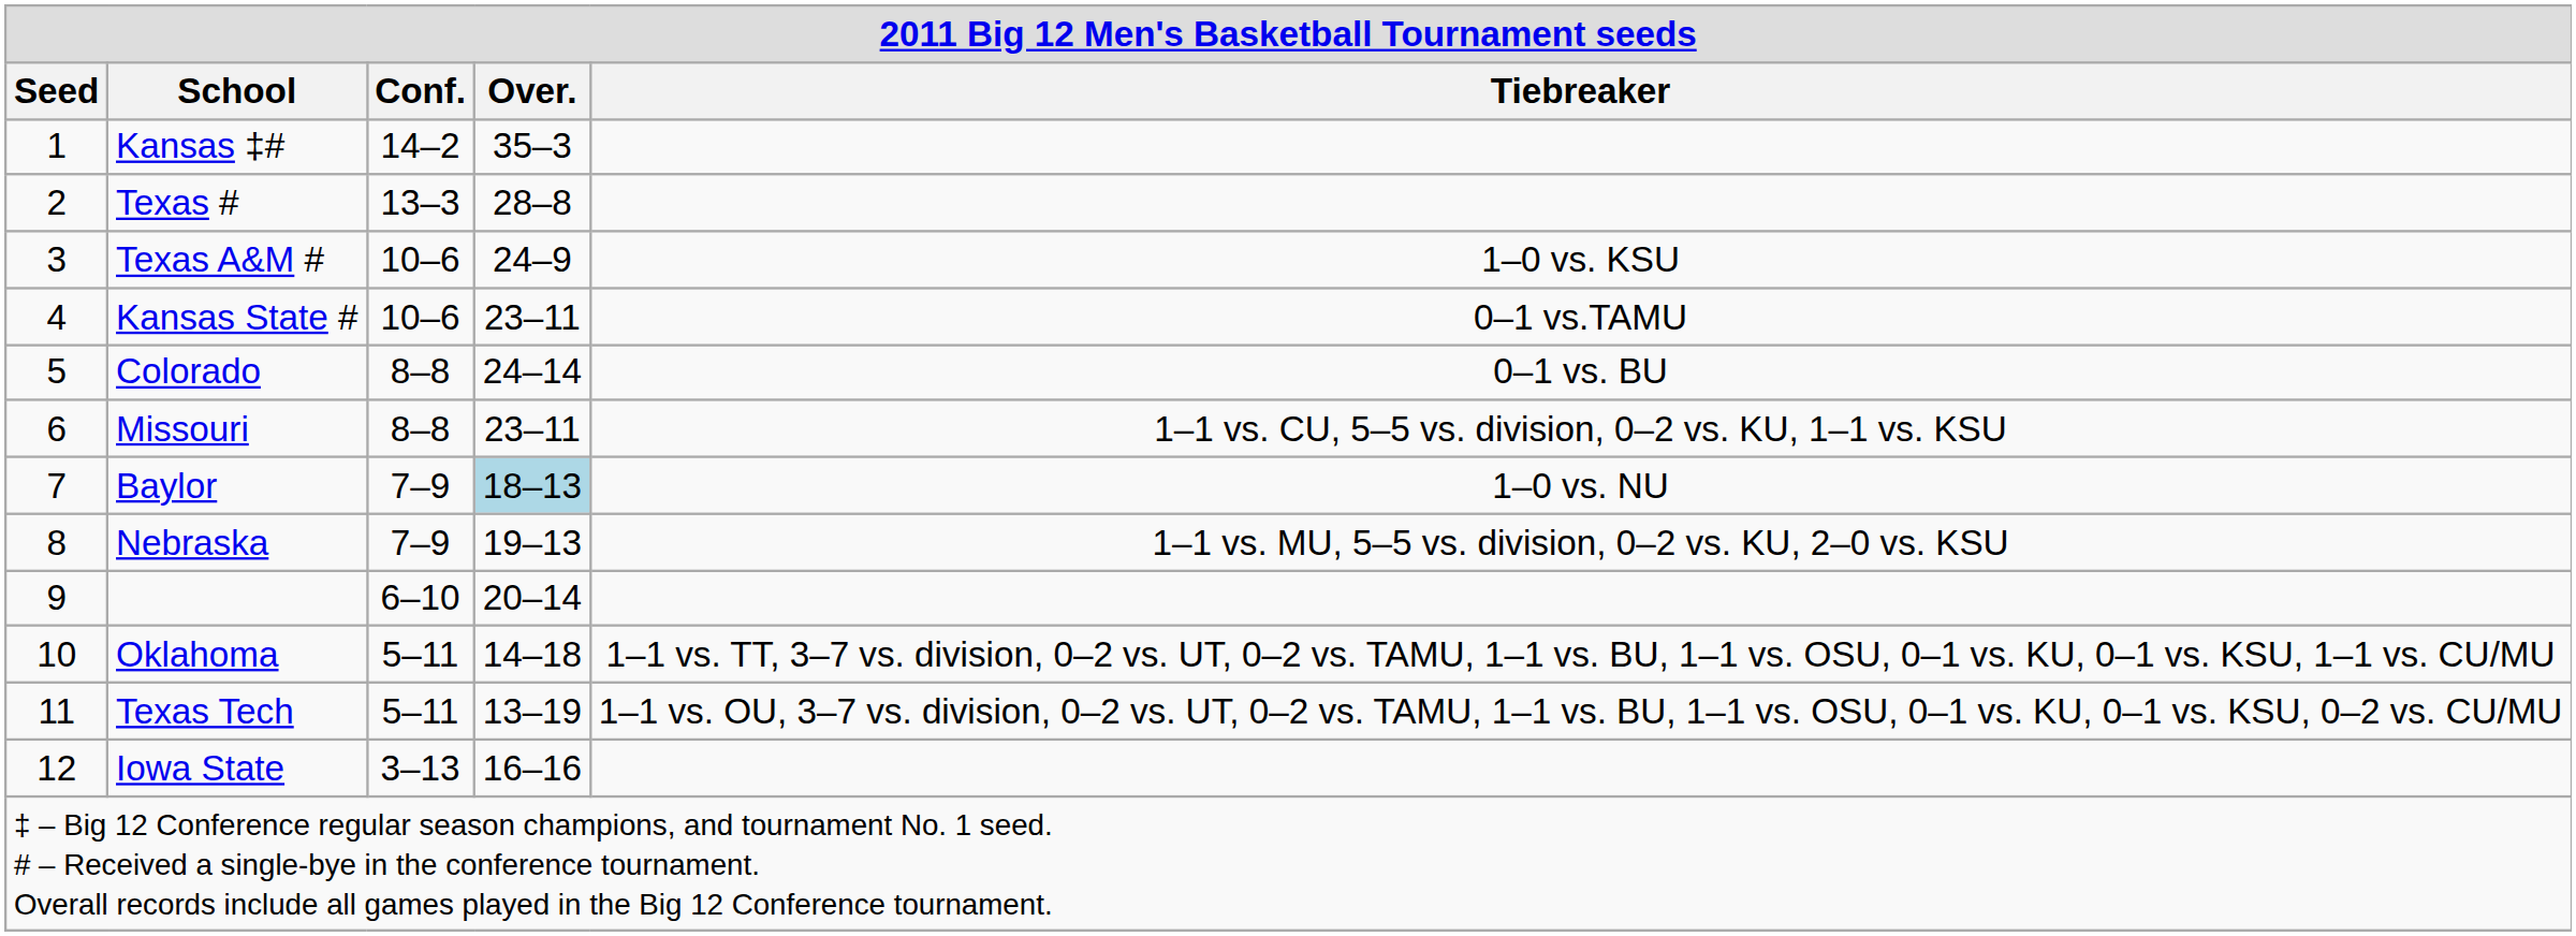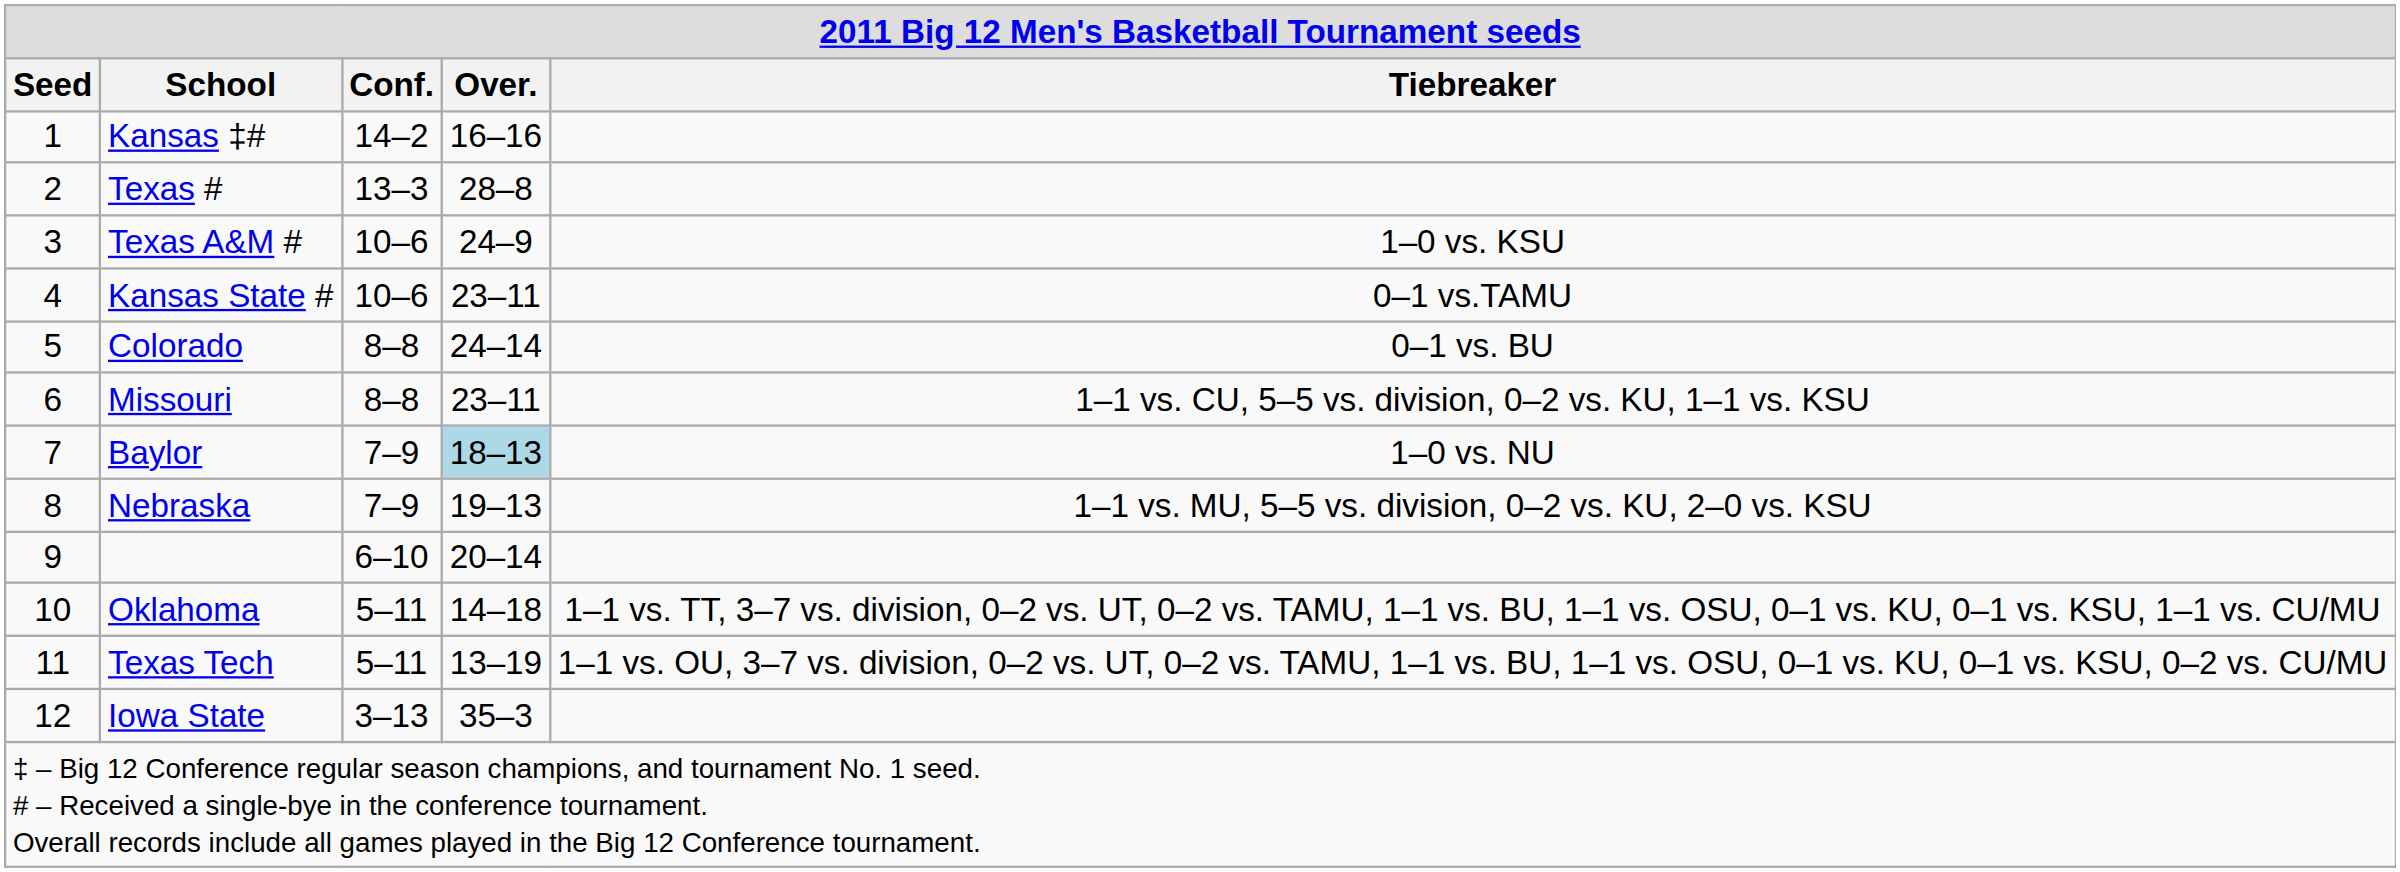 <table class="wikitable" style="white-space:nowrap; font-size:90%;text-align:center">
 <tr>
 <td colspan="10" style="text-align:center; background:#DDDDDD; font:#000000"><strong><a href='#'>2011 Big 12 Men's Basketball Tournament seeds</a></strong></td>
 </tr>
 <tr bgcolor="#efefef">
 <th>Seed</th>
 <th>School</th>
 <th>Conf.</th>
 <th>Over.</th>
 <th>Tiebreaker</th>
 </tr>
 <tr>
 <td>1</td>
 <td align=left><a href='#'>Kansas</a> ‡#</td>
 <td>14–2</td>
-<td>35–3</td>
+<td>16–16</td>
 <td></td>
 </tr>
 <tr>
 <td>2</td>
 <td align=left><a href='#'>Texas</a> #</td>
 <td>13–3</td>
 <td>28–8</td>
 <td></td>
 </tr>
 <tr>
 <td>3</td>
 <td align=left><a href='#'>Texas A&M</a> #</td>
 <td>10–6</td>
 <td>24–9</td>
 <td>1–0 vs. KSU</td>
 </tr>
 <tr>
 <td>4</td>
 <td align=left><a href='#'>Kansas State</a> #</td>
 <td>10–6</td>
 <td>23–11</td>
 <td>0–1 vs.TAMU</td>
 </tr>
 <tr>
 <td>5</td>
 <td align=left><a href='#'>Colorado</a></td>
 <td>8–8</td>
 <td>24–14</td>
 <td>0–1 vs. BU</td>
 </tr>
 <tr>
 <td>6</td>
 <td align=left><a href='#'>Missouri</a></td>
 <td>8–8</td>
 <td>23–11</td>
 <td>1–1 vs. CU, 5–5 vs. division, 0–2 vs. KU, 1–1 vs. KSU</td>
 </tr>
 <tr>
 <td>7</td>
 <td align=left><a href='#'>Baylor</a></td>
 <td>7–9</td>
 <td style="background: lightblue;">18–13</td>
 <td>1–0 vs. NU</td>
 </tr>
 <tr>
 <td>8</td>
 <td align=left><a href='#'>Nebraska</a></td>
 <td>7–9</td>
 <td>19–13</td>
 <td>1–1 vs. MU, 5–5 vs. division, 0–2 vs. KU, 2–0 vs. KSU</td>
 </tr>
 <tr>
 <td>9</td>
 <td align=left></td>
 <td>6–10</td>
 <td>20–14</td>
 <td></td>
 </tr>
 <tr>
 <td>10</td>
 <td align=left><a href='#'>Oklahoma</a></td>
 <td>5–11</td>
 <td>14–18</td>
 <td>1–1 vs. TT, 3–7 vs. division, 0–2 vs. UT, 0–2 vs. TAMU, 1–1 vs. BU, 1–1 vs. OSU, 0–1 vs. KU, 0–1 vs. KSU, 1–1 vs. CU/MU</td>
 </tr>
 <tr>
 <td>11</td>
 <td align=left><a href='#'>Texas Tech</a></td>
 <td>5–11</td>
 <td>13–19</td>
 <td>1–1 vs. OU, 3–7 vs. division, 0–2 vs. UT, 0–2 vs. TAMU, 1–1 vs. BU, 1–1 vs. OSU, 0–1 vs. KU, 0–1 vs. KSU, 0–2 vs. CU/MU</td>
 </tr>
 <tr>
 <td>12</td>
 <td align=left><a href='#'>Iowa State</a></td>
 <td>3–13</td>
-<td>16–16</td>
+<td>35–3</td>
 <td></td>
 </tr>
 <tr>
 <td colspan="10" style="text-align:left;"><small>‡ – Big 12 Conference regular season champions, and tournament No. 1 seed.<br># – Received a single-bye in the conference tournament.<br>Overall records include all games played in the Big 12 Conference tournament.</small></td>
 </tr>
 </table>
